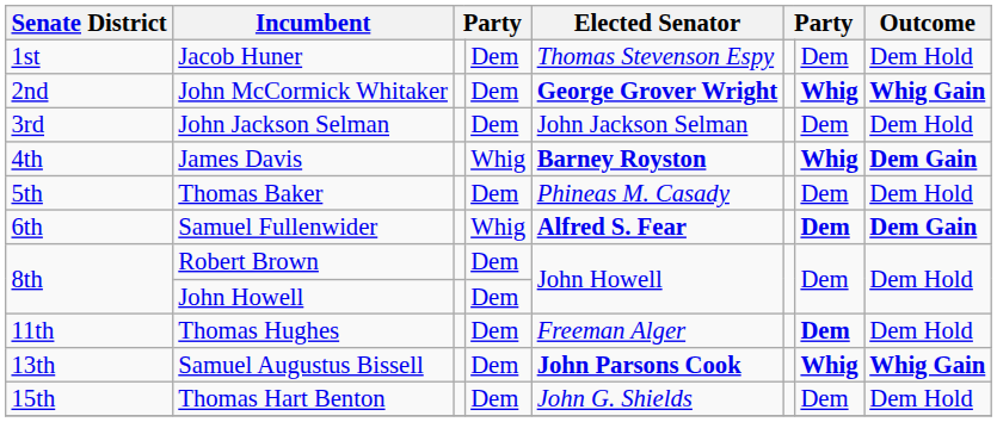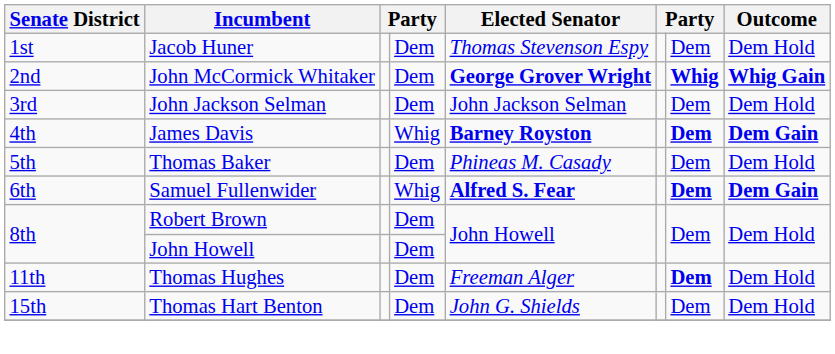 <table class="sortable wikitable" style="font-size:95%;line-height:14px;">
 <tr>
 <th class="sortable"><a href='#'>Senate</a> District</th>
 <th class="sortable"><a href='#'>Incumbent</a></th>
 <th colspan="2">Party</th>
 <th class="sortable">Elected Senator</th>
 <th colspan="2">Party</th>
 <th class="sortable">Outcome</th>
 </tr>
 <tr>
 <td><a href='#'>1st</a></td>
 <td><a href='#'>Jacob Huner</a></td>
 <td style="background:"></td>
 <td><a href='#'>Dem</a></td>
 <td><em><a href='#'>Thomas Stevenson Espy</a></em></td>
 <td style="background:"></td>
 <td><a href='#'>Dem</a></td>
 <td><a href='#'>Dem Hold</a></td>
 </tr>
 <tr>
 <td><a href='#'>2nd</a></td>
 <td><a href='#'>John McCormick Whitaker</a></td>
 <td style="background:"></td>
 <td><a href='#'>Dem</a></td>
 <td><strong><a href='#'>George Grover Wright</a></strong></td>
 <td style="background:"></td>
 <td><strong><a href='#'>Whig</a></strong></td>
 <td><strong><a href='#'>Whig Gain</a></strong></td>
 </tr>
 <tr>
 <td><a href='#'>3rd</a></td>
 <td><a href='#'>John Jackson Selman</a></td>
 <td style="background:"></td>
 <td><a href='#'>Dem</a></td>
 <td><a href='#'>John Jackson Selman</a></td>
 <td style="background:"></td>
 <td><a href='#'>Dem</a></td>
 <td><a href='#'>Dem Hold</a></td>
 </tr>
 <tr>
 <td><a href='#'>4th</a></td>
 <td><a href='#'>James Davis</a></td>
 <td style="background:"></td>
 <td><a href='#'>Whig</a></td>
 <td><strong><a href='#'>Barney Royston</a></strong></td>
 <td style="background:"></td>
-<td><strong><a href='#'>Whig</a></strong></td>
+<td><strong><a href='#'>Dem</a></strong></td>
 <td><strong><a href='#'>Dem Gain</a></strong></td>
 </tr>
 <tr>
 <td><a href='#'>5th</a></td>
 <td><a href='#'>Thomas Baker</a></td>
 <td style="background:"></td>
 <td><a href='#'>Dem</a></td>
 <td><em><a href='#'>Phineas M. Casady</a></em></td>
 <td style="background:"></td>
 <td><a href='#'>Dem</a></td>
 <td><a href='#'>Dem Hold</a></td>
 </tr>
 <tr>
 <td><a href='#'>6th</a></td>
 <td><a href='#'>Samuel Fullenwider</a></td>
 <td style="background:"></td>
 <td><a href='#'>Whig</a></td>
 <td><strong><a href='#'>Alfred S. Fear</a></strong></td>
 <td style="background:"></td>
 <td><strong><a href='#'>Dem</a></strong></td>
 <td><strong><a href='#'>Dem Gain</a></strong></td>
 </tr>
 <tr>
 <td rowspan="2"><a href='#'>8th</a></td>
 <td><a href='#'>Robert Brown</a></td>
 <td style="background:"></td>
 <td><a href='#'>Dem</a></td>
 <td rowspan="2"><a href='#'>John Howell</a></td>
 <td rowspan="2" style="background:"></td>
 <td rowspan="2"><a href='#'>Dem</a></td>
 <td rowspan="2"><a href='#'>Dem Hold</a></td>
 </tr>
 <tr>
 <td><a href='#'>John Howell</a></td>
 <td style="background:"></td>
 <td><a href='#'>Dem</a></td>
 </tr>
 <tr>
 <td><a href='#'>11th</a></td>
 <td><a href='#'>Thomas Hughes</a></td>
 <td style="background:"></td>
 <td><a href='#'>Dem</a></td>
 <td><em><a href='#'>Freeman Alger</a></em></td>
 <td style="background:"></td>
 <td><strong><a href='#'>Dem</a></strong></td>
 <td><a href='#'>Dem Hold</a></td>
 </tr>
 <tr>
-<td><a href='#'>13th</a></td>
-<td><a href='#'>Samuel Augustus Bissell</a></td>
-<td style="background:"></td>
-<td><a href='#'>Dem</a></td>
-<td><strong><a href='#'>John Parsons Cook</a></strong></td>
-<td style="background:"></td>
-<td><strong><a href='#'>Whig</a></strong></td>
-<td><strong><a href='#'>Whig Gain</a></strong></td>
-</tr>
-<tr>
 <td><a href='#'>15th</a></td>
 <td><a href='#'>Thomas Hart Benton</a></td>
 <td style="background:"></td>
 <td><a href='#'>Dem</a></td>
 <td><em><a href='#'>John G. Shields</a></em></td>
 <td style="background:"></td>
 <td><a href='#'>Dem</a></td>
 <td><a href='#'>Dem Hold</a></td>
 </tr>
 <tr>
 </tr>
 </table>
